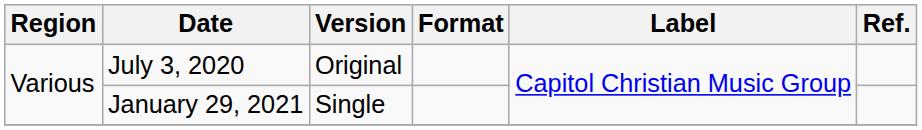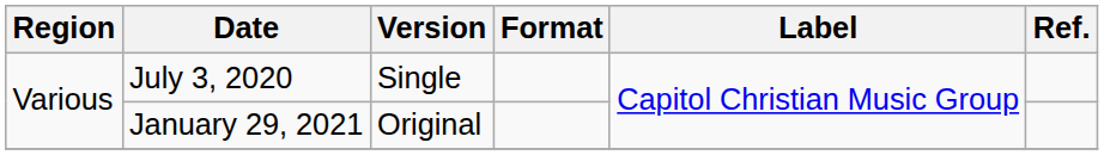 <table class="wikitable plainrowheaders">
 <tr>
 <th scope="col">Region</th>
 <th scope="col">Date</th>
 <th scope="col">Version</th>
 <th scope="col">Format</th>
 <th scope="col">Label</th>
 <th scope="col">Ref.</th>
 </tr>
 <tr>
 <td rowspan="2">Various</td>
 <td>July 3, 2020</td>
-<td>Original</td>
+<td>Single <br></td>
 <td></td>
 <td rowspan="2"><a href='#'>Capitol Christian Music Group</a></td>
 <td></td>
 </tr>
 <tr>
 <td>January 29, 2021</td>
-<td>Single <br></td>
+<td>Original</td>
 <td></td>
 <td></td>
 </tr>
 <tr>
 </tr>
 </table>
